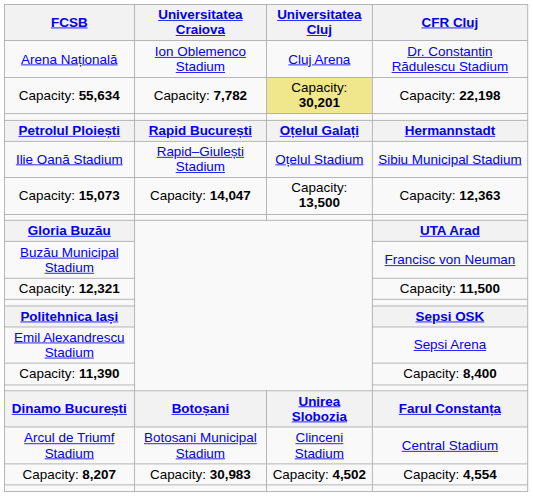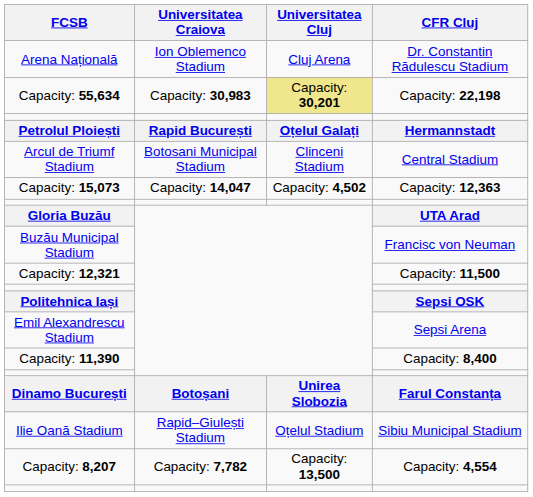 <table class="wikitable" style="text-align:center; margin:0.5em auto;">
 <tr>
 <th><a href='#'>FCSB</a></th>
 <th><a href='#'>Universitatea Craiova</a></th>
 <th><a href='#'>Universitatea Cluj</a></th>
 <th><a href='#'>CFR Cluj</a></th>
 </tr>
 <tr>
 <td><a href='#'>Arena Națională</a></td>
 <td><a href='#'>Ion Oblemenco Stadium</a></td>
 <td><a href='#'>Cluj Arena</a></td>
 <td><a href='#'>Dr. Constantin Rădulescu Stadium</a></td>
 </tr>
 <tr>
 <td>Capacity: <strong>55,634</strong></td>
-<td>Capacity: <strong>7,782</strong></td>
+<td>Capacity: <strong>30,983</strong></td>
 <td style="background: khaki;">Capacity: <strong>30,201</strong></td>
 <td>Capacity: <strong>22,198</strong></td>
 </tr>
 <tr>
 <td></td>
 <td></td>
 <td></td>
 <td></td>
 </tr>
 <tr>
 <th><a href='#'>Petrolul Ploiești</a></th>
 <th><a href='#'>Rapid București</a></th>
 <th><a href='#'>Oțelul Galați</a></th>
 <th><a href='#'>Hermannstadt</a></th>
 </tr>
 <tr>
-<td><a href='#'>Ilie Oană Stadium</a></td>
-<td><a href='#'>Rapid–Giulești Stadium</a></td>
-<td><a href='#'>Oțelul Stadium</a></td>
-<td><a href='#'>Sibiu Municipal Stadium</a></td>
+<td><a href='#'>Arcul de Triumf Stadium</a></td>
+<td><a href='#'>Botosani Municipal Stadium</a></td>
+<td><a href='#'>Clinceni Stadium</a></td>
+<td><a href='#'>Central Stadium</a></td>
 </tr>
 <tr>
 <td>Capacity: <strong>15,073</strong></td>
 <td>Capacity: <strong>14,047</strong></td>
-<td>Capacity: <strong>13,500</strong></td>
+<td>Capacity: <strong>4,502</strong></td>
 <td>Capacity: <strong>12,363</strong></td>
 </tr>
 <tr>
 <td></td>
 <td></td>
 <td></td>
 <td></td>
 </tr>
 <tr>
 <th><a href='#'>Gloria Buzău</a></th>
 <td colspan="2" rowspan="8"><br> </td>
 <th><a href='#'>UTA Arad</a></th>
 </tr>
 <tr>
 <td><a href='#'>Buzău Municipal Stadium</a></td>
 <td><a href='#'>Francisc von Neuman</a></td>
 </tr>
 <tr>
 <td>Capacity: <strong>12,321</strong></td>
 <td>Capacity: <strong>11,500</strong></td>
 </tr>
 <tr>
 <td></td>
 <td></td>
 </tr>
 <tr>
 <th><a href='#'>Politehnica Iași</a></th>
 <th><a href='#'>Sepsi OSK</a></th>
 </tr>
 <tr>
 <td><a href='#'>Emil Alexandrescu Stadium</a></td>
 <td><a href='#'>Sepsi Arena</a></td>
 </tr>
 <tr>
 <td>Capacity: <strong>11,390</strong></td>
 <td>Capacity: <strong>8,400</strong></td>
 </tr>
 <tr>
 <td></td>
 <td></td>
 </tr>
 <tr>
 <th><a href='#'>Dinamo București</a></th>
 <th><a href='#'>Botoșani</a></th>
 <th><a href='#'>Unirea Slobozia</a></th>
 <th><a href='#'>Farul Constanța</a></th>
 </tr>
 <tr>
-<td><a href='#'>Arcul de Triumf Stadium</a></td>
-<td><a href='#'>Botosani Municipal Stadium</a></td>
-<td><a href='#'>Clinceni Stadium</a></td>
-<td><a href='#'>Central Stadium</a></td>
+<td><a href='#'>Ilie Oană Stadium</a></td>
+<td><a href='#'>Rapid–Giulești Stadium</a></td>
+<td><a href='#'>Oțelul Stadium</a></td>
+<td><a href='#'>Sibiu Municipal Stadium</a></td>
 </tr>
 <tr>
 <td>Capacity: <strong>8,207</strong></td>
-<td>Capacity: <strong>30,983</strong></td>
-<td>Capacity: <strong>4,502</strong></td>
+<td>Capacity: <strong>7,782</strong></td>
+<td>Capacity: <strong>13,500</strong></td>
 <td>Capacity: <strong>4,554</strong></td>
 </tr>
 <tr>
 <td></td>
 <td></td>
 <td></td>
 <td></td>
 </tr>
 </table>
